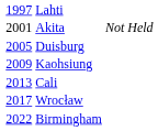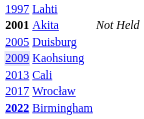 <table>
 <tr>
 <td><a href='#'>1997</a></td>
 <td> <a href='#'>Lahti</a></td>
 <td></td>
 <td></td>
 <td></td>
 </tr>
 <tr>
-<td>2001</td>
+<td><strong>2001</strong></td>
 <td> <a href='#'>Akita</a></td>
 <td colspan=3 align=center><em>Not Held</em></td>
 </tr>
 <tr>
 <td><a href='#'>2005</a></td>
 <td> <a href='#'>Duisburg</a></td>
 <td></td>
 <td></td>
 <td> <br></td>
 </tr>
 <tr>
-<td><a href='#'>2009</a></td>
+<td style="background: lavender;"><a href='#'>2009</a></td>
 <td> <a href='#'>Kaohsiung</a></td>
 <td></td>
 <td></td>
 <td></td>
 </tr>
 <tr>
 <td><a href='#'>2013</a></td>
 <td> <a href='#'>Cali</a></td>
 <td></td>
 <td></td>
 <td></td>
 </tr>
 <tr>
 <td><a href='#'>2017</a></td>
 <td> <a href='#'>Wrocław</a></td>
 <td></td>
 <td></td>
 <td></td>
 </tr>
 <tr>
-<td><a href='#'>2022</a></td>
+<td><strong><a href='#'>2022</a></strong></td>
 <td> <a href='#'>Birmingham</a></td>
 <td></td>
 <td></td>
 <td></td>
 </tr>
 </table>
